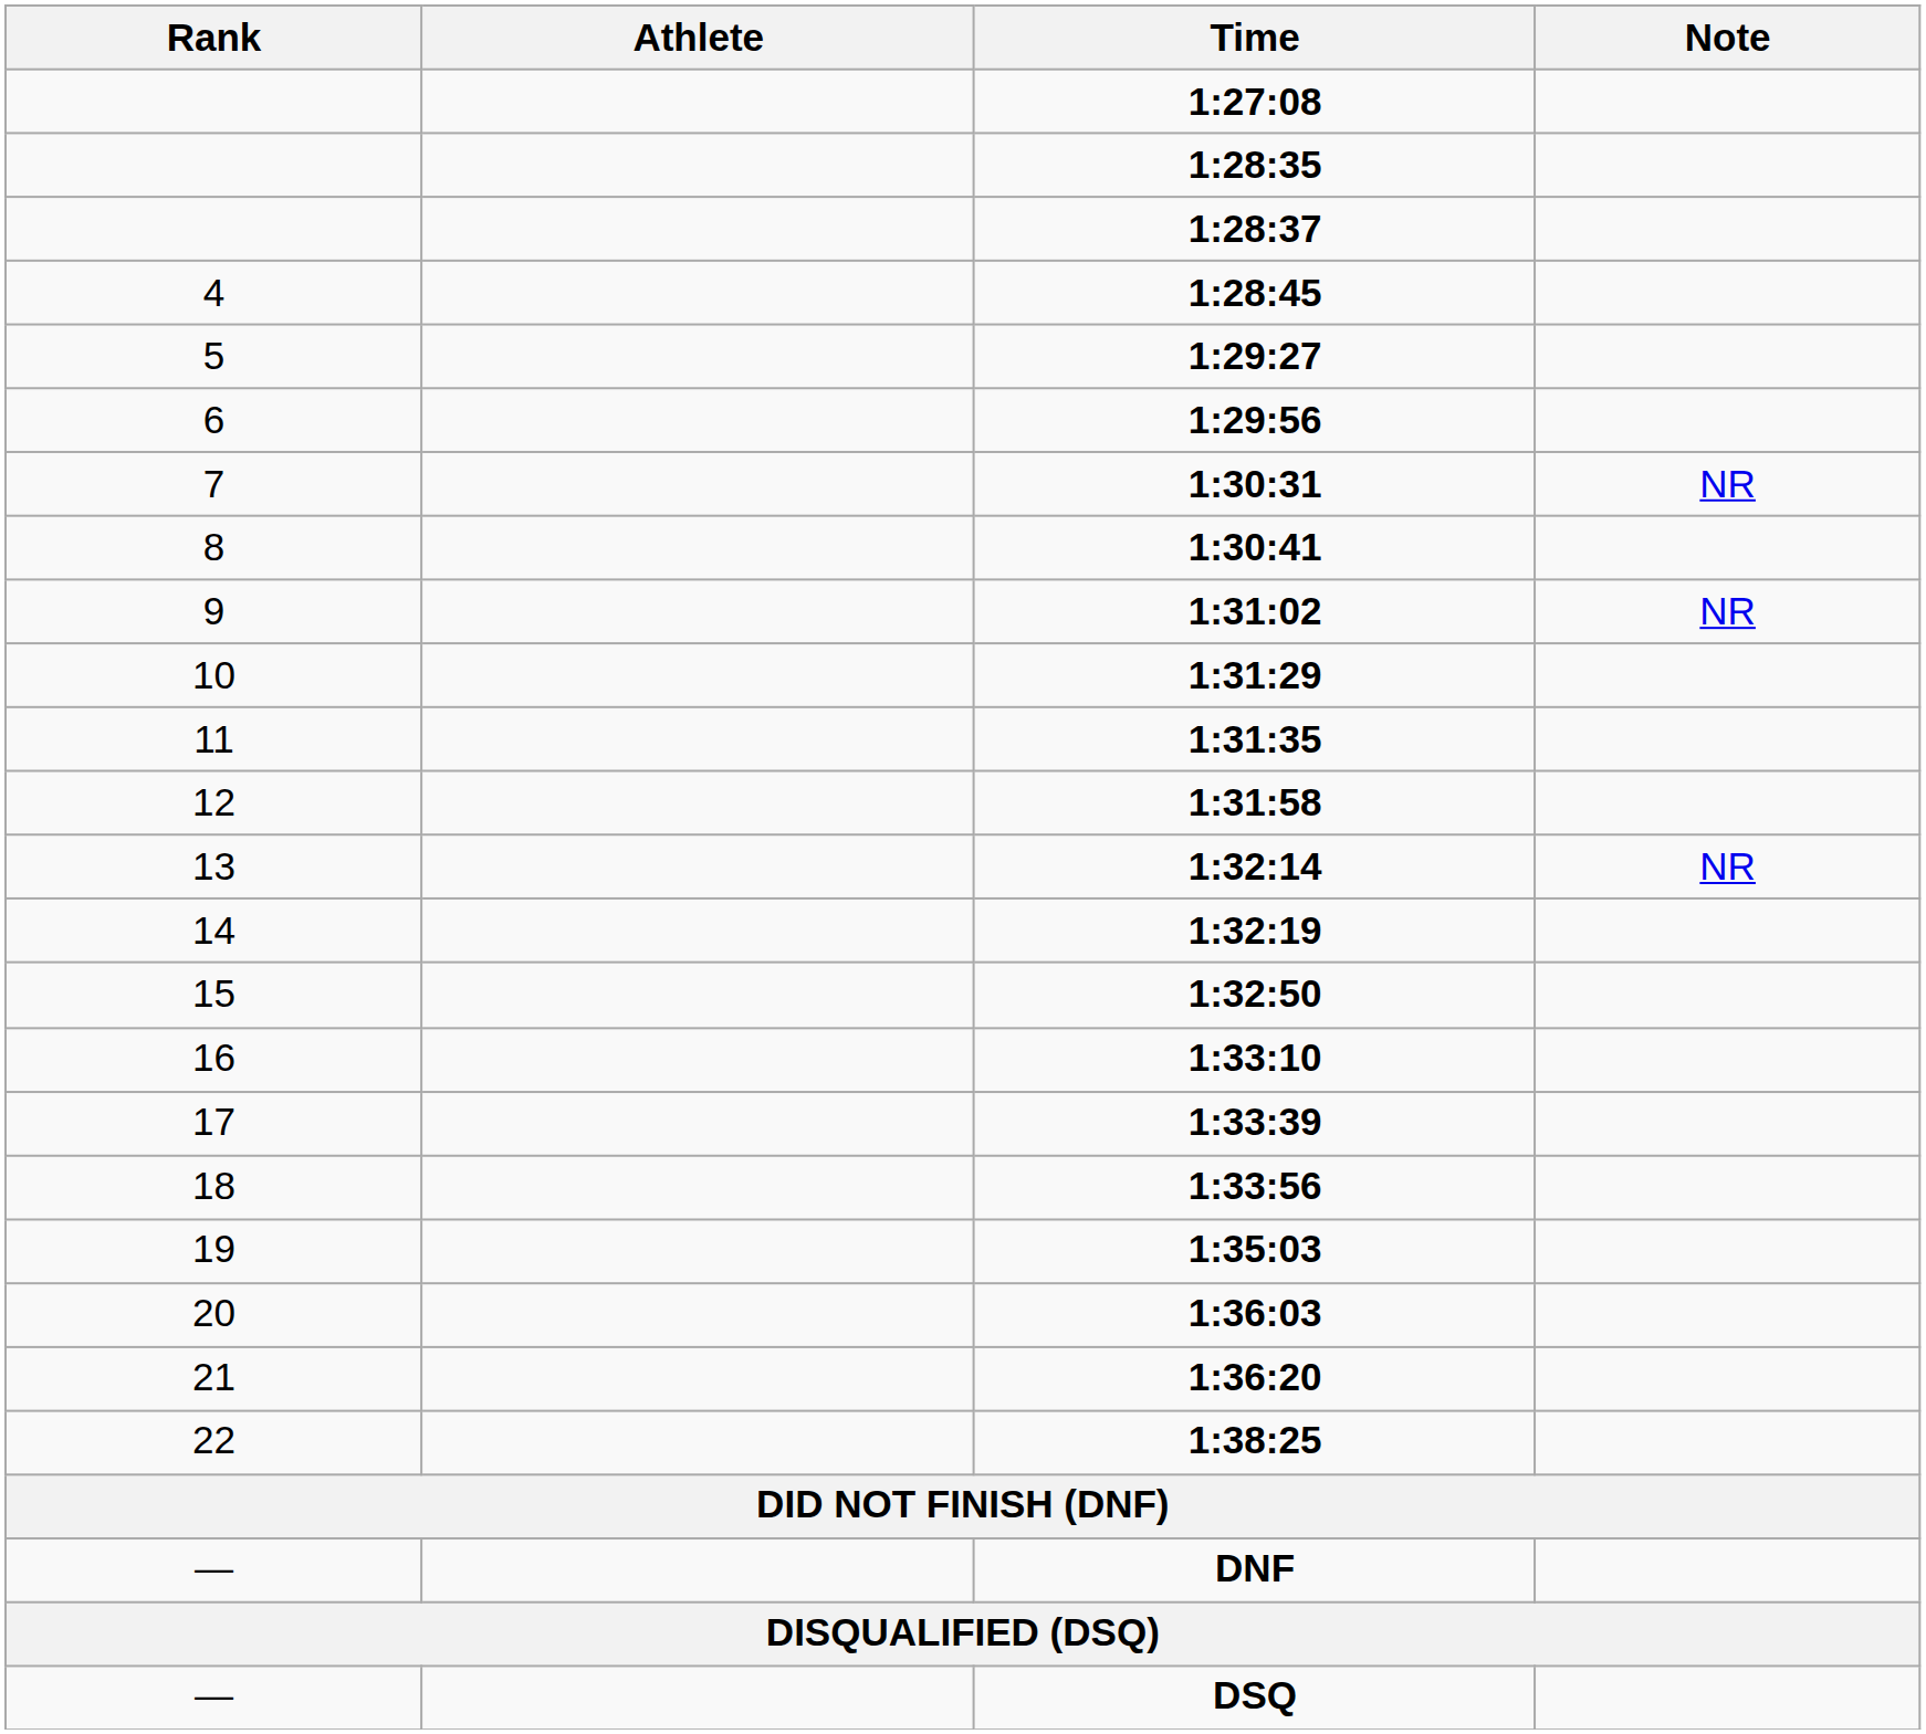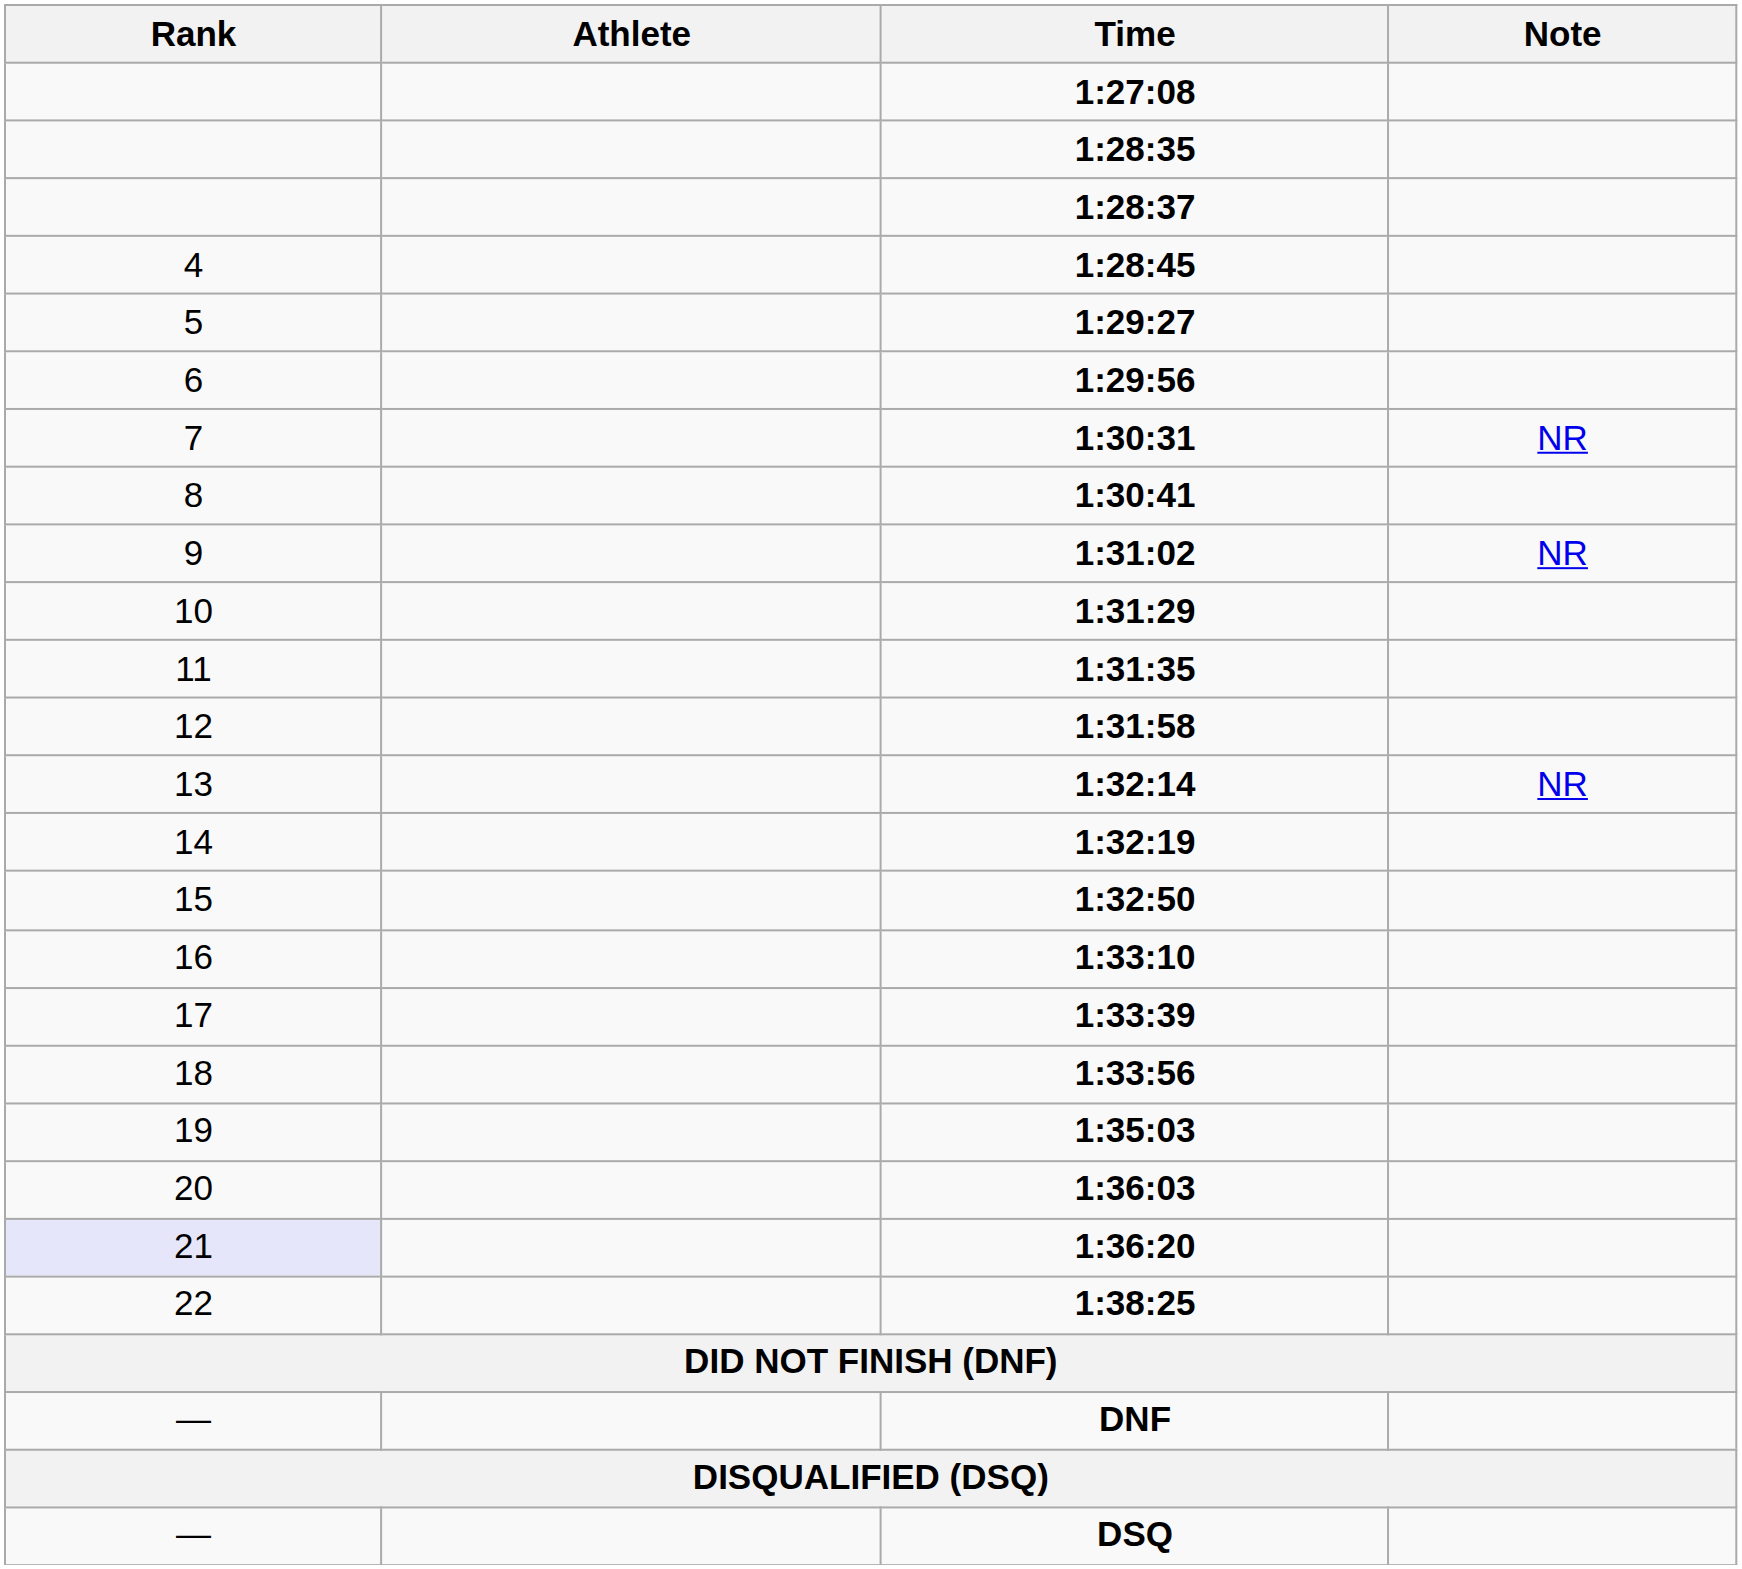 <table class="wikitable" style=" text-align:center; font-size:110%;" width="55%">
 <tr>
 <th>Rank</th>
 <th>Athlete</th>
 <th>Time</th>
 <th>Note</th>
 </tr>
 <tr>
 <td></td>
 <td align=left></td>
 <td><strong>1:27:08</strong></td>
 <td></td>
 </tr>
 <tr>
 <td></td>
 <td align=left></td>
 <td><strong>1:28:35</strong></td>
 <td></td>
 </tr>
 <tr>
 <td></td>
 <td align=left></td>
 <td><strong>1:28:37</strong></td>
 <td></td>
 </tr>
 <tr>
 <td>4</td>
 <td align=left></td>
 <td><strong>1:28:45</strong></td>
 <td></td>
 </tr>
 <tr>
 <td>5</td>
 <td align=left></td>
 <td><strong>1:29:27</strong></td>
 <td></td>
 </tr>
 <tr>
 <td>6</td>
 <td align=left></td>
 <td><strong> 1:29:56</strong></td>
 <td></td>
 </tr>
 <tr>
 <td>7</td>
 <td align=left></td>
 <td><strong> 1:30:31</strong></td>
 <td><a href='#'>NR</a></td>
 </tr>
 <tr>
 <td>8</td>
 <td align=left></td>
 <td><strong> 1:30:41</strong></td>
 <td></td>
 </tr>
 <tr>
 <td>9</td>
 <td align=left></td>
 <td><strong> 1:31:02</strong></td>
 <td><a href='#'>NR</a></td>
 </tr>
 <tr>
 <td>10</td>
 <td align=left></td>
 <td><strong>1:31:29</strong></td>
 <td></td>
 </tr>
 <tr>
 <td>11</td>
 <td align=left></td>
 <td><strong>1:31:35</strong></td>
 <td></td>
 </tr>
 <tr>
 <td>12</td>
 <td align=left></td>
 <td><strong>1:31:58</strong></td>
 <td></td>
 </tr>
 <tr>
 <td>13</td>
 <td align=left></td>
 <td><strong>1:32:14</strong></td>
 <td><a href='#'>NR</a></td>
 </tr>
 <tr>
 <td>14</td>
 <td align=left></td>
 <td><strong>1:32:19</strong></td>
 <td></td>
 </tr>
 <tr>
 <td>15</td>
 <td align=left></td>
 <td><strong>1:32:50</strong></td>
 <td></td>
 </tr>
 <tr>
 <td>16</td>
 <td align=left></td>
 <td><strong>1:33:10</strong></td>
 <td></td>
 </tr>
 <tr>
 <td>17</td>
 <td align=left></td>
 <td><strong> 1:33:39</strong></td>
 <td></td>
 </tr>
 <tr>
 <td>18</td>
 <td align=left></td>
 <td><strong> 1:33:56</strong></td>
 <td></td>
 </tr>
 <tr>
 <td>19</td>
 <td align=left></td>
 <td><strong> 1:35:03</strong></td>
 <td></td>
 </tr>
 <tr>
 <td>20</td>
 <td align=left></td>
 <td><strong> 1:36:03</strong></td>
 <td></td>
 </tr>
 <tr>
-<td>21</td>
+<td style="background: lavender;">21</td>
 <td align=left></td>
 <td><strong>1:36:20</strong></td>
 <td></td>
 </tr>
 <tr>
 <td>22</td>
 <td align=left></td>
 <td><strong>1:38:25</strong></td>
 <td></td>
 </tr>
 <tr>
 <th colspan="4">DID NOT FINISH (DNF)</th>
 </tr>
 <tr>
 <td>—</td>
 <td align=left></td>
 <td><strong>DNF</strong></td>
 </tr>
 <tr>
 <th colspan="4">DISQUALIFIED (DSQ)</th>
 </tr>
 <tr>
 <td>—</td>
 <td align=left></td>
 <td><strong>DSQ</strong></td>
 </tr>
 </table>
